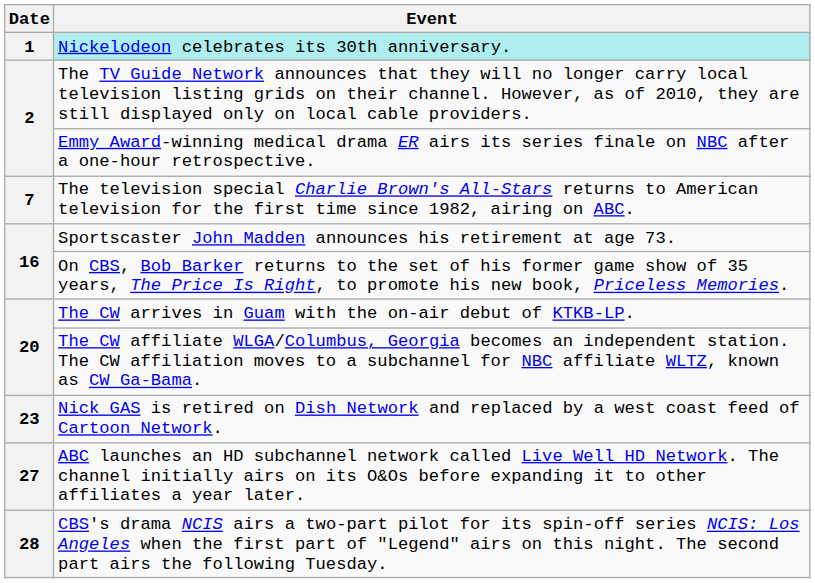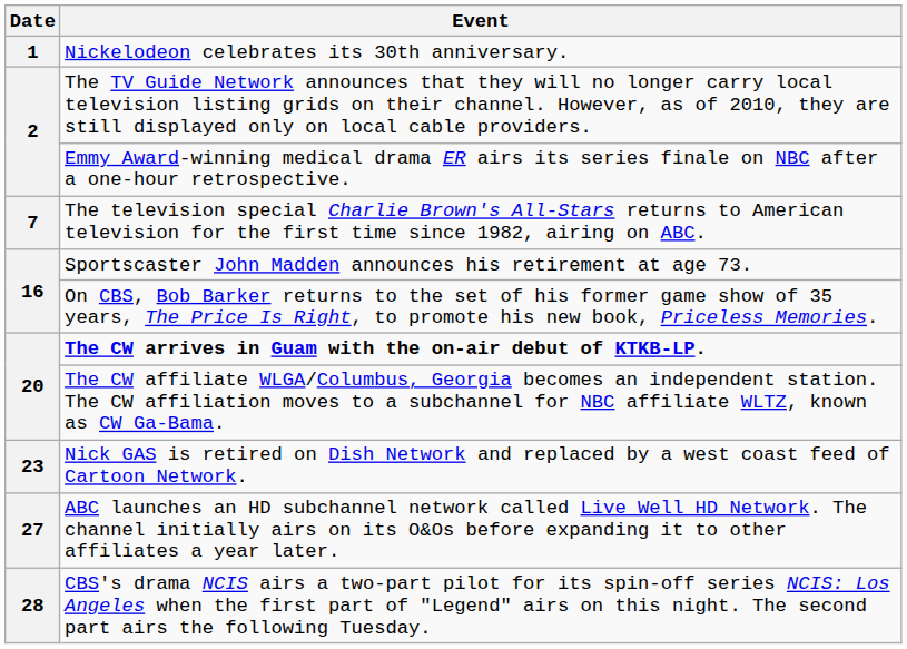 <table class="wikitable">
 <tr>
 <th>Date</th>
 <th>Event</th>
 </tr>
 <tr>
 <th>1</th>
-<td style="background: paleturquoise;"><a href='#'>Nickelodeon</a> celebrates its 30th anniversary.</td>
+<td><a href='#'>Nickelodeon</a> celebrates its 30th anniversary.</td>
 </tr>
 <tr>
 <th rowspan="2">2</th>
 <td>The <a href='#'>TV Guide Network</a> announces that they will no longer carry local television listing grids on their channel. However, as of 2010, they are still displayed only on local cable providers.</td>
 </tr>
 <tr>
 <td><a href='#'>Emmy Award</a>-winning medical drama <em><a href='#'>ER</a></em> airs its series finale on <a href='#'>NBC</a> after a one-hour retrospective.</td>
 </tr>
 <tr>
 <th>7</th>
 <td>The television special <em><a href='#'>Charlie Brown's All-Stars</a></em> returns to American television for the first time since 1982, airing on <a href='#'>ABC</a>.</td>
 </tr>
 <tr>
 <th rowspan="2">16</th>
 <td>Sportscaster <a href='#'>John Madden</a> announces his retirement at age 73.</td>
 </tr>
 <tr>
 <td>On <a href='#'>CBS</a>, <a href='#'>Bob Barker</a> returns to the set of his former game show of 35 years, <em><a href='#'>The Price Is Right</a></em>, to promote his new book, <em><a href='#'>Priceless Memories</a></em>.</td>
 </tr>
 <tr>
 <th rowspan="2">20</th>
-<td><a href='#'>The CW</a> arrives in <a href='#'>Guam</a> with the on-air debut of <a href='#'>KTKB-LP</a>.</td>
+<td><strong><a href='#'>The CW</a> arrives in <a href='#'>Guam</a> with the on-air debut of <a href='#'>KTKB-LP</a>.</strong></td>
 </tr>
 <tr>
 <td><a href='#'>The CW</a> affiliate <a href='#'>WLGA</a>/<a href='#'>Columbus, Georgia</a> becomes an independent station. The CW affiliation moves to a subchannel for <a href='#'>NBC</a> affiliate <a href='#'>WLTZ</a>, known as <a href='#'>CW Ga-Bama</a>.</td>
 </tr>
 <tr>
 <th>23</th>
 <td><a href='#'>Nick GAS</a> is retired on <a href='#'>Dish Network</a> and replaced by a west coast feed of <a href='#'>Cartoon Network</a>.</td>
 </tr>
 <tr>
 <th>27</th>
 <td><a href='#'>ABC</a> launches an HD subchannel network called <a href='#'>Live Well HD Network</a>. The channel initially airs on its O&Os before expanding it to other affiliates a year later.</td>
 </tr>
 <tr>
 <th>28</th>
 <td><a href='#'>CBS</a>'s drama <em><a href='#'>NCIS</a></em> airs a two-part pilot for its spin-off series <em><a href='#'>NCIS: Los Angeles</a></em> when the first part of "Legend" airs on this night. The second part airs the following Tuesday.</td>
 </tr>
 </table>
